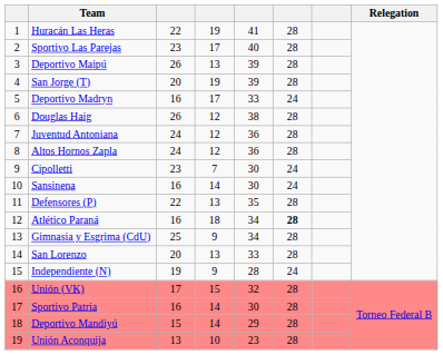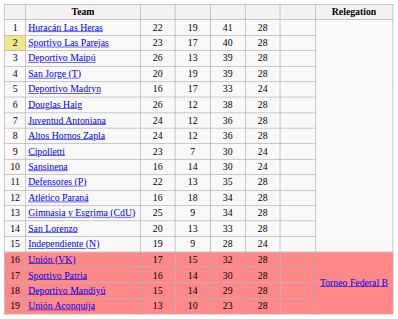 <table class="wikitable" style="text-align: center;">
 <tr>
 <th width=28><br></th>
 <th width=180>Team</th>
 <th width=50></th>
 <th width=50></th>
 <th width=50></th>
 <th width=50></th>
 <th width=50><br></th>
 <th width=120>Relegation</th>
 </tr>
 <tr>
 <td>1</td>
 <td align="left"><a href='#'>Huracán Las Heras</a></td>
 <td>22</td>
 <td>19</td>
 <td>41</td>
 <td>28</td>
 <td><strong></strong></td>
 <td rowspan=15></td>
 </tr>
 <tr>
-<td>2</td>
+<td style="background: khaki;">2</td>
 <td align="left"><a href='#'>Sportivo Las Parejas</a></td>
 <td>23</td>
 <td>17</td>
 <td>40</td>
 <td>28</td>
 <td><strong></strong></td>
 </tr>
 <tr>
 <td>3</td>
 <td align="left"><a href='#'>Deportivo Maipú</a></td>
 <td>26</td>
 <td>13</td>
 <td>39</td>
 <td>28</td>
 <td><strong></strong></td>
 </tr>
 <tr>
 <td>4</td>
 <td align="left"><a href='#'>San Jorge (T)</a></td>
 <td>20</td>
 <td>19</td>
 <td>39</td>
 <td>28</td>
 <td><strong></strong></td>
 </tr>
 <tr>
 <td>5</td>
 <td align="left"><a href='#'>Deportivo Madryn</a></td>
 <td>16</td>
 <td>17</td>
 <td>33</td>
 <td>24</td>
 <td><strong></strong></td>
 </tr>
 <tr>
 <td>6</td>
 <td align="left"><a href='#'>Douglas Haig</a></td>
 <td>26</td>
 <td>12</td>
 <td>38</td>
 <td>28</td>
 <td><strong></strong></td>
 </tr>
 <tr>
 <td>7</td>
 <td align="left"><a href='#'>Juventud Antoniana</a></td>
 <td>24</td>
 <td>12</td>
 <td>36</td>
 <td>28</td>
 <td><strong></strong></td>
 </tr>
 <tr>
 <td>8</td>
 <td align="left"><a href='#'>Altos Hornos Zapla</a></td>
 <td>24</td>
 <td>12</td>
 <td>36</td>
 <td>28</td>
 <td><strong></strong></td>
 </tr>
 <tr>
 <td>9</td>
 <td align="left"><a href='#'>Cipolletti</a></td>
 <td>23</td>
 <td>7</td>
 <td>30</td>
 <td>24</td>
 <td><strong></strong></td>
 </tr>
 <tr>
 <td>10</td>
 <td align="left"><a href='#'>Sansinena</a></td>
 <td>16</td>
 <td>14</td>
 <td>30</td>
 <td>24</td>
 <td><strong></strong></td>
 </tr>
 <tr>
 <td>11</td>
 <td align="left"><a href='#'>Defensores (P)</a></td>
 <td>22</td>
 <td>13</td>
 <td>35</td>
 <td>28</td>
 <td><strong></strong></td>
 </tr>
 <tr>
 <td>12</td>
 <td align="left"><a href='#'>Atlético Paraná</a></td>
 <td>16</td>
 <td>18</td>
 <td>34</td>
-<td><strong>28</strong></td>
+<td>28</td>
 <td><strong></strong></td>
 </tr>
 <tr>
 <td>13</td>
 <td align="left"><a href='#'>Gimnasia y Esgrima (CdU)</a></td>
 <td>25</td>
 <td>9</td>
 <td>34</td>
 <td>28</td>
 <td><strong></strong></td>
 </tr>
 <tr>
 <td>14</td>
 <td align="left"><a href='#'>San Lorenzo</a></td>
 <td>20</td>
 <td>13</td>
 <td>33</td>
 <td>28</td>
 <td><strong></strong></td>
 </tr>
 <tr>
 <td>15</td>
 <td align="left"><a href='#'>Independiente (N)</a></td>
 <td>19</td>
 <td>9</td>
 <td>28</td>
 <td>24</td>
 <td><strong></strong></td>
 </tr>
 <tr bgcolor=#FF8888>
 <td>16</td>
 <td align="left"><a href='#'>Unión (VK)</a></td>
 <td>17</td>
 <td>15</td>
 <td>32</td>
 <td>28</td>
 <td><strong></strong></td>
 <td rowspan=4><a href='#'>Torneo Federal B</a></td>
 </tr>
 <tr bgcolor=#FF8888>
 <td>17</td>
 <td align="left"><a href='#'>Sportivo Patria</a></td>
 <td>16</td>
 <td>14</td>
 <td>30</td>
 <td>28</td>
 <td><strong></strong></td>
 </tr>
 <tr bgcolor=#FF8888>
 <td>18</td>
 <td align="left"><a href='#'>Deportivo Mandiyú</a></td>
 <td>15</td>
 <td>14</td>
 <td>29</td>
 <td>28</td>
 <td><strong></strong></td>
 </tr>
 <tr bgcolor=#FF8888>
 <td>19</td>
 <td align="left"><a href='#'>Unión Aconquija</a></td>
 <td>13</td>
 <td>10</td>
 <td>23</td>
 <td>28</td>
 <td><strong></strong></td>
 </tr>
 </table>
